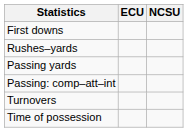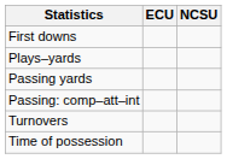 <table class="wikitable" style="float:left">
 <tr>
 <th>Statistics</th>
 <th>ECU</th>
 <th>NCSU</th>
 </tr>
 <tr>
 <td>First downs</td>
 <td></td>
 <td></td>
 </tr>
 <tr>
-<td>Rushes–yards</td>
+<td>Plays–yards</td>
 <td></td>
 <td></td>
 </tr>
 <tr>
 <td>Passing yards</td>
 <td></td>
 <td></td>
 </tr>
 <tr>
 <td>Passing: comp–att–int</td>
 <td></td>
 <td></td>
 </tr>
 <tr>
 <td>Turnovers</td>
 <td></td>
 <td></td>
 </tr>
 <tr>
 <td>Time of possession</td>
 <td></td>
 <td></td>
 </tr>
 </table>
